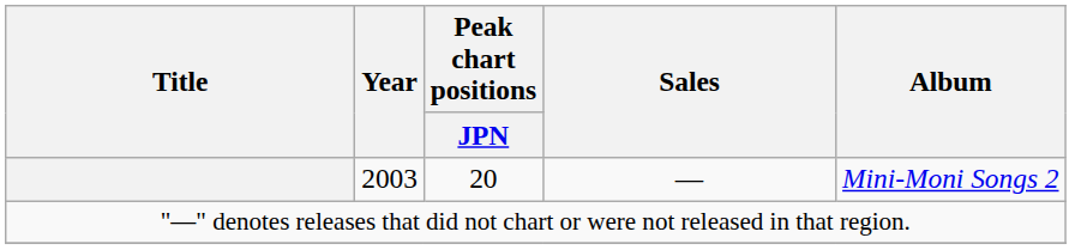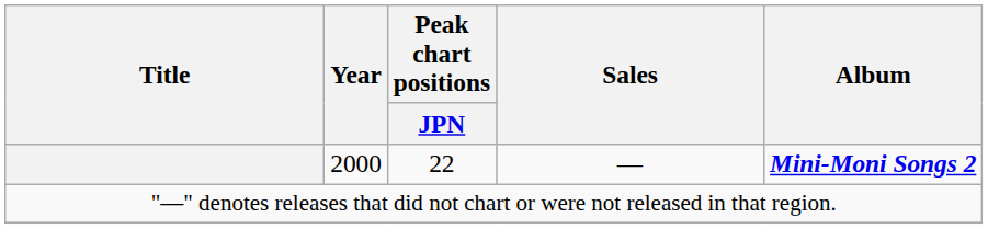 <table class="wikitable plainrowheaders" style="text-align:center;">
 <tr>
 <th rowspan="2" style="width:12em;">Title</th>
 <th rowspan="2">Year</th>
 <th colspan="1">Peak chart positions</th>
 <th rowspan="2" style="width:10em;">Sales</th>
 <th rowspan="2">Album</th>
 </tr>
 <tr>
 <th width="30"><a href='#'>JPN</a></th>
 </tr>
 <tr>
 <th scope="row"><br></th>
-<td>2003</td>
-<td>20</td>
+<td>2000</td>
+<td>22</td>
 <td>—</td>
-<td><em><a href='#'>Mini-Moni Songs 2</a></em></td>
+<td><strong><em><a href='#'>Mini-Moni Songs 2</a></em></strong></td>
 </tr>
 <tr>
 <td colspan="5" style="font-size:90%;">"—" denotes releases that did not chart or were not released in that region.</td>
 </tr>
 <tr>
 </tr>
 </table>
